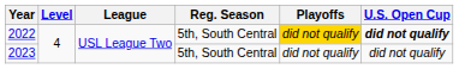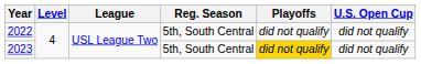 <table class="wikitable" style="text-align: center;">
 <tr>
 <th>Year</th>
 <th><a href='#'>Level</a></th>
 <th>League</th>
 <th>Reg. Season</th>
 <th>Playoffs</th>
 <th><a href='#'>U.S. Open Cup</a></th>
 </tr>
 <tr>
 <td><a href='#'>2022</a></td>
 <td rowspan=2>4</td>
 <td rowspan=2><a href='#'>USL League Two</a></td>
 <td>5th, South Central</td>
-<td style="background: gold;"><em>did not qualify</em></td>
-<td><strong><em>did not qualify</em></strong></td>
+<td><em>did not qualify</em></td>
+<td><em>did not qualify</em></td>
 </tr>
 <tr>
 <td><a href='#'>2023</a></td>
 <td>5th, South Central</td>
-<td><em>did not qualify</em></td>
+<td style="background: gold;"><em>did not qualify</em></td>
 <td><em>did not qualify</em></td>
 </tr>
 </table>
